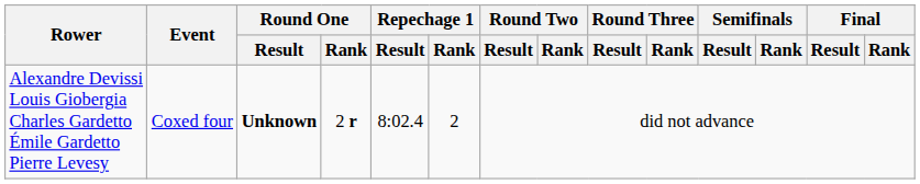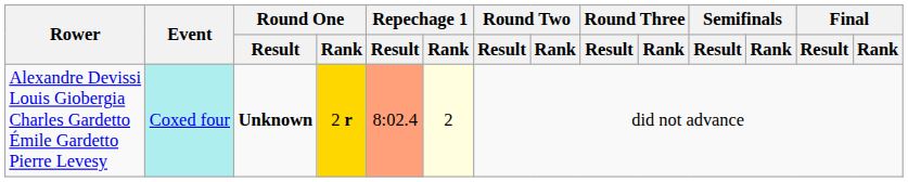 <table class=wikitable style="font-size:90%">
 <tr>
 <th rowspan=2>Rower</th>
 <th rowspan=2>Event</th>
 <th colspan=2>Round One</th>
 <th colspan=2>Repechage 1</th>
 <th colspan=2>Round Two</th>
 <th colspan=2>Round Three</th>
 <th colspan=2>Semifinals</th>
 <th colspan=2>Final</th>
 </tr>
 <tr>
 <th>Result</th>
 <th>Rank</th>
 <th>Result</th>
 <th>Rank</th>
 <th>Result</th>
 <th>Rank</th>
 <th>Result</th>
 <th>Rank</th>
 <th>Result</th>
 <th>Rank</th>
 <th>Result</th>
 <th>Rank</th>
 </tr>
 <tr>
 <td><a href='#'>Alexandre Devissi</a> <br> <a href='#'>Louis Giobergia</a> <br> <a href='#'>Charles Gardetto</a> <br> <a href='#'>Émile Gardetto</a> <br> <a href='#'>Pierre Levesy</a></td>
-<td><a href='#'>Coxed four</a></td>
+<td style="background: paleturquoise;"><a href='#'>Coxed four</a></td>
 <td align=center><strong>Unknown</strong></td>
-<td align=center>2 <strong>r</strong></td>
-<td align=center>8:02.4</td>
-<td align=center>2</td>
+<td align=center style="background: gold;">2 <strong>r</strong></td>
+<td align=center style="background: lightsalmon;">8:02.4</td>
+<td align=center style="background: lightyellow;">2</td>
 <td align=center colspan=10>did not advance</td>
 </tr>
 </table>
